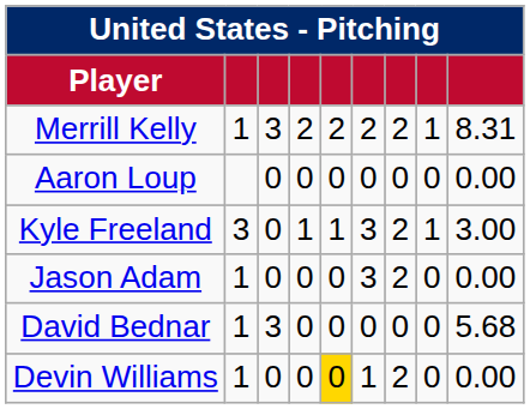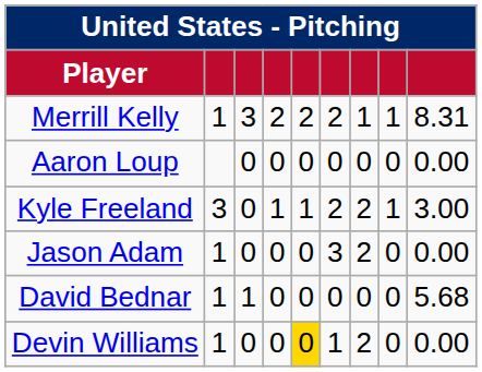 <table class="wikitable sortable" style="text-align:center;">
 <tr>
 <th colspan=10 style="background: #002868; color: #FFFFFF;"> United States - Pitching</th>
 </tr>
 <tr>
 <th style="background-color: #BF0A30; color: #FFFFFF;">Player</th>
 <th style="background-color: #BF0A30; color: #FFFFFF;"></th>
 <th style="background-color: #BF0A30; color: #FFFFFF;"></th>
 <th style="background-color: #BF0A30; color: #FFFFFF;"></th>
 <th style="background-color: #BF0A30; color: #FFFFFF;"></th>
 <th style="background-color: #BF0A30; color: #FFFFFF;"></th>
 <th style="background-color: #BF0A30; color: #FFFFFF;"></th>
 <th style="background-color: #BF0A30; color: #FFFFFF;"></th>
 <th style="background-color: #BF0A30; color: #FFFFFF;"></th>
 </tr>
 <tr>
 <td><a href='#'>Merrill Kelly</a></td>
 <td>1</td>
 <td>3</td>
 <td>2</td>
 <td>2</td>
 <td>2</td>
-<td>2</td>
+<td>1</td>
 <td>1</td>
 <td>8.31</td>
 </tr>
 <tr>
 <td><a href='#'>Aaron Loup</a></td>
 <td></td>
 <td>0</td>
 <td>0</td>
 <td>0</td>
 <td>0</td>
 <td>0</td>
 <td>0</td>
 <td>0.00</td>
 </tr>
 <tr>
 <td><a href='#'>Kyle Freeland</a></td>
 <td>3</td>
 <td>0</td>
 <td>1</td>
 <td>1</td>
-<td>3</td>
+<td>2</td>
 <td>2</td>
 <td>1</td>
 <td>3.00</td>
 </tr>
 <tr>
 <td><a href='#'>Jason Adam</a></td>
 <td>1</td>
 <td>0</td>
 <td>0</td>
 <td>0</td>
 <td>3</td>
 <td>2</td>
 <td>0</td>
 <td>0.00</td>
 </tr>
 <tr>
 <td><a href='#'>David Bednar</a></td>
 <td>1</td>
-<td>3</td>
+<td>1</td>
 <td>0</td>
 <td>0</td>
 <td>0</td>
 <td>0</td>
 <td>0</td>
 <td>5.68</td>
 </tr>
 <tr>
 <td><a href='#'>Devin Williams</a></td>
 <td>1</td>
 <td>0</td>
 <td>0</td>
 <td style="background: gold;">0</td>
 <td>1</td>
 <td>2</td>
 <td>0</td>
 <td>0.00</td>
 </tr>
 </table>
